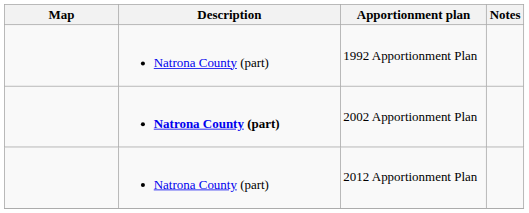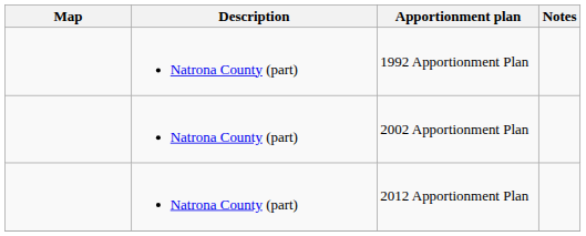 <table class="wikitable sortable">
 <tr>
 <th style="width:100pt;">Map</th>
 <th style="width:200pt;">Description</th>
 <th style="width:130pt;">Apportionment plan</th>
 <th style="width:15pt;">Notes</th>
 </tr>
 <tr>
 <td></td>
 <td><br><ul><li><a href='#'>Natrona County</a> (part)</li></ul></td>
 <td>1992 Apportionment Plan</td>
 <td></td>
 </tr>
 <tr>
 <td></td>
-<td><strong><br><ul><li><a href='#'>Natrona County</a> (part)</li></ul></strong></td>
+<td><br><ul><li><a href='#'>Natrona County</a> (part)</li></ul></td>
 <td>2002 Apportionment Plan</td>
 <td></td>
 </tr>
 <tr>
 <td></td>
 <td><br><ul><li><a href='#'>Natrona County</a> (part)</li></ul></td>
 <td>2012 Apportionment Plan</td>
 <td></td>
 </tr>
 <tr>
 </tr>
 </table>
